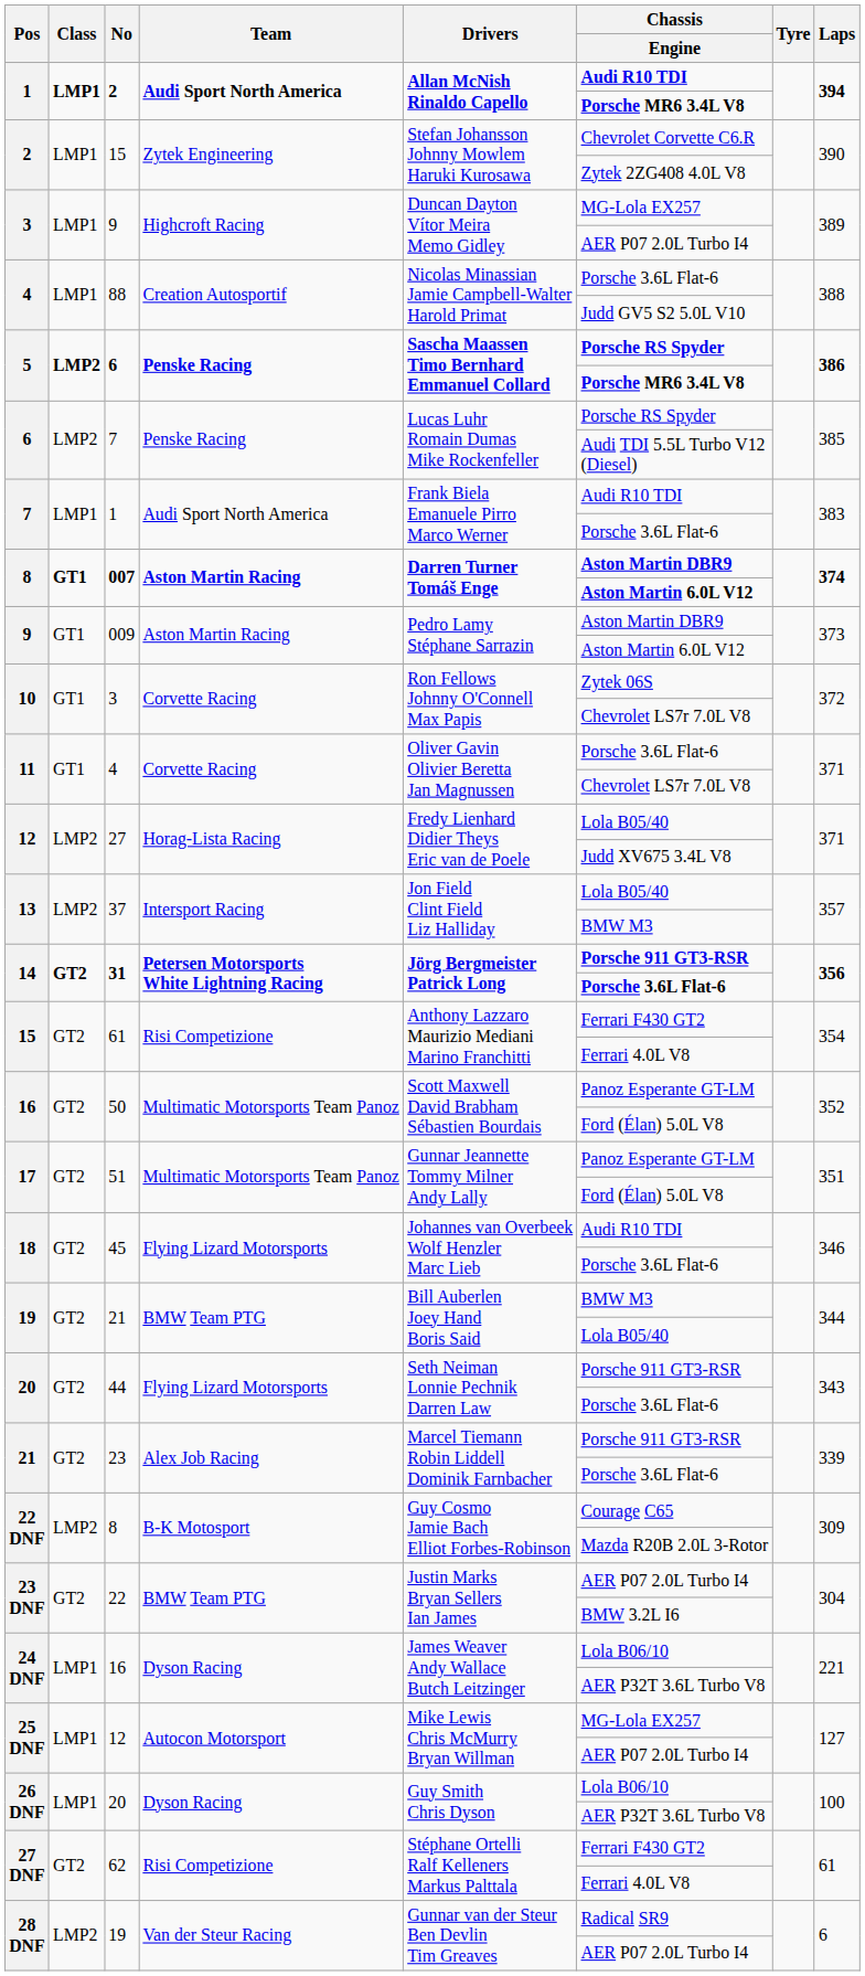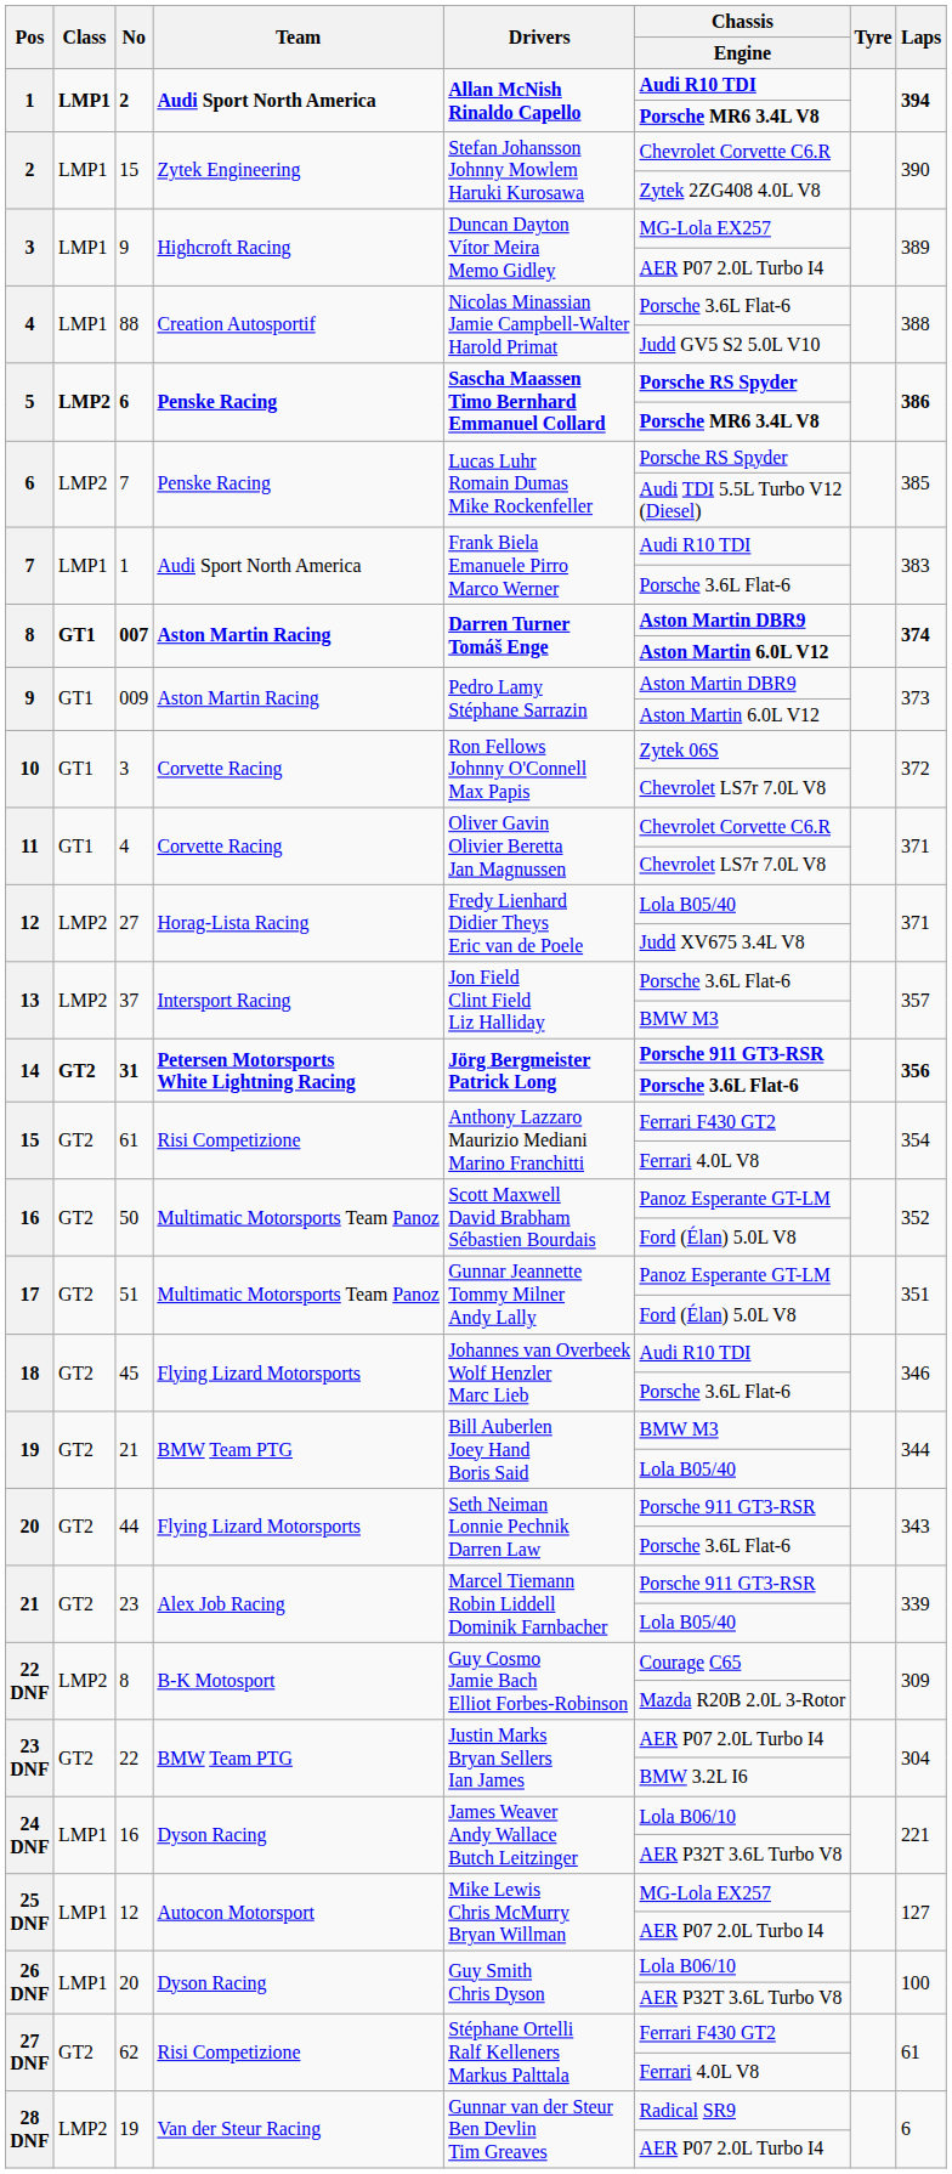 <table class="wikitable" style="font-size: 95%;">
 <tr>
 <th rowspan=2>Pos</th>
 <th rowspan=2>Class</th>
 <th rowspan=2>No</th>
 <th rowspan=2>Team</th>
 <th rowspan=2>Drivers</th>
 <th>Chassis</th>
 <th rowspan=2>Tyre</th>
 <th rowspan=2>Laps</th>
 </tr>
 <tr>
 <th>Engine</th>
 </tr>
 <tr style="font-weight:bold">
 <th rowspan=2>1</th>
 <td rowspan=2>LMP1</td>
 <td rowspan=2>2</td>
 <td rowspan=2> <a href='#'>Audi</a> Sport North America</td>
 <td rowspan=2> <a href='#'>Allan McNish</a><br> <a href='#'>Rinaldo Capello</a></td>
 <td><a href='#'>Audi R10 TDI</a></td>
 <td rowspan=2></td>
 <td rowspan=2>394</td>
 </tr>
 <tr style="font-weight:bold">
 <td><a href='#'>Porsche</a> MR6 3.4L V8</td>
 </tr>
 <tr>
 <th rowspan=2>2</th>
 <td rowspan=2>LMP1</td>
 <td rowspan=2>15</td>
 <td rowspan=2> <a href='#'>Zytek Engineering</a></td>
 <td rowspan=2> <a href='#'>Stefan Johansson</a><br> <a href='#'>Johnny Mowlem</a><br> <a href='#'>Haruki Kurosawa</a></td>
 <td><a href='#'>Chevrolet Corvette C6.R</a></td>
 <td rowspan=2></td>
 <td rowspan=2>390</td>
 </tr>
 <tr>
 <td><a href='#'>Zytek</a> 2ZG408 4.0L V8</td>
 </tr>
 <tr>
 <th rowspan=2>3</th>
 <td rowspan=2>LMP1</td>
 <td rowspan=2>9</td>
 <td rowspan=2> <a href='#'>Highcroft Racing</a></td>
 <td rowspan=2> <a href='#'>Duncan Dayton</a><br> <a href='#'>Vítor Meira</a><br> <a href='#'>Memo Gidley</a></td>
 <td><a href='#'>MG-Lola EX257</a></td>
 <td rowspan=2></td>
 <td rowspan=2>389</td>
 </tr>
 <tr>
 <td><a href='#'>AER</a> P07 2.0L Turbo I4</td>
 </tr>
 <tr>
 <th rowspan=2>4</th>
 <td rowspan=2>LMP1</td>
 <td rowspan=2>88</td>
 <td rowspan=2> <a href='#'>Creation Autosportif</a></td>
 <td rowspan=2> <a href='#'>Nicolas Minassian</a><br> <a href='#'>Jamie Campbell-Walter</a><br> <a href='#'>Harold Primat</a></td>
 <td><a href='#'>Porsche</a> 3.6L Flat-6</td>
 <td rowspan=2></td>
 <td rowspan=2>388</td>
 </tr>
 <tr>
 <td><a href='#'>Judd</a> GV5 S2 5.0L V10</td>
 </tr>
 <tr style="font-weight:bold">
 <th rowspan=2>5</th>
 <td rowspan=2>LMP2</td>
 <td rowspan=2>6</td>
 <td rowspan=2> <a href='#'>Penske Racing</a></td>
 <td rowspan=2> <a href='#'>Sascha Maassen</a><br> <a href='#'>Timo Bernhard</a><br> <a href='#'>Emmanuel Collard</a></td>
 <td><a href='#'>Porsche RS Spyder</a></td>
 <td rowspan=2></td>
 <td rowspan=2>386</td>
 </tr>
 <tr style="font-weight:bold">
 <td><a href='#'>Porsche</a> MR6 3.4L V8</td>
 </tr>
 <tr>
 <th rowspan=2>6</th>
 <td rowspan=2>LMP2</td>
 <td rowspan=2>7</td>
 <td rowspan=2> <a href='#'>Penske Racing</a></td>
 <td rowspan=2> <a href='#'>Lucas Luhr</a><br> <a href='#'>Romain Dumas</a><br> <a href='#'>Mike Rockenfeller</a></td>
 <td><a href='#'>Porsche RS Spyder</a></td>
 <td rowspan=2></td>
 <td rowspan=2>385</td>
 </tr>
 <tr>
 <td><a href='#'>Audi</a> <a href='#'>TDI</a> 5.5L Turbo V12<br>(<a href='#'>Diesel</a>)</td>
 </tr>
 <tr>
 <th rowspan=2>7</th>
 <td rowspan=2>LMP1</td>
 <td rowspan=2>1</td>
 <td rowspan=2> <a href='#'>Audi</a> Sport North America</td>
 <td rowspan=2> <a href='#'>Frank Biela</a><br> <a href='#'>Emanuele Pirro</a><br> <a href='#'>Marco Werner</a></td>
 <td><a href='#'>Audi R10 TDI</a></td>
 <td rowspan=2></td>
 <td rowspan=2>383</td>
 </tr>
 <tr>
 <td><a href='#'>Porsche</a> 3.6L Flat-6</td>
 </tr>
 <tr style="font-weight:bold">
 <th rowspan=2>8</th>
 <td rowspan=2>GT1</td>
 <td rowspan=2>007</td>
 <td rowspan=2> <a href='#'>Aston Martin Racing</a></td>
 <td rowspan=2> <a href='#'>Darren Turner</a><br> <a href='#'>Tomáš Enge</a></td>
 <td><a href='#'>Aston Martin DBR9</a></td>
 <td rowspan=2></td>
 <td rowspan=2>374</td>
 </tr>
 <tr style="font-weight:bold">
 <td><a href='#'>Aston Martin</a> 6.0L V12</td>
 </tr>
 <tr>
 <th rowspan=2>9</th>
 <td rowspan=2>GT1</td>
 <td rowspan=2>009</td>
 <td rowspan=2> <a href='#'>Aston Martin Racing</a></td>
 <td rowspan=2> <a href='#'>Pedro Lamy</a><br> <a href='#'>Stéphane Sarrazin</a></td>
 <td><a href='#'>Aston Martin DBR9</a></td>
 <td rowspan=2></td>
 <td rowspan=2>373</td>
 </tr>
 <tr>
 <td><a href='#'>Aston Martin</a> 6.0L V12</td>
 </tr>
 <tr>
 <th rowspan=2>10</th>
 <td rowspan=2>GT1</td>
 <td rowspan=2>3</td>
 <td rowspan=2> <a href='#'>Corvette Racing</a></td>
 <td rowspan=2> <a href='#'>Ron Fellows</a><br> <a href='#'>Johnny O'Connell</a><br> <a href='#'>Max Papis</a></td>
 <td><a href='#'>Zytek 06S</a></td>
 <td rowspan=2></td>
 <td rowspan=2>372</td>
 </tr>
 <tr>
 <td><a href='#'>Chevrolet</a> LS7r 7.0L V8</td>
 </tr>
 <tr>
 <th rowspan=2>11</th>
 <td rowspan=2>GT1</td>
 <td rowspan=2>4</td>
 <td rowspan=2> <a href='#'>Corvette Racing</a></td>
 <td rowspan=2> <a href='#'>Oliver Gavin</a><br> <a href='#'>Olivier Beretta</a><br> <a href='#'>Jan Magnussen</a></td>
-<td><a href='#'>Porsche</a> 3.6L Flat-6</td>
+<td><a href='#'>Chevrolet Corvette C6.R</a></td>
 <td rowspan=2></td>
 <td rowspan=2>371</td>
 </tr>
 <tr>
 <td><a href='#'>Chevrolet</a> LS7r 7.0L V8</td>
 </tr>
 <tr>
 <th rowspan=2>12</th>
 <td rowspan=2>LMP2</td>
 <td rowspan=2>27</td>
 <td rowspan=2> <a href='#'>Horag-Lista Racing</a></td>
 <td rowspan=2> <a href='#'>Fredy Lienhard</a><br> <a href='#'>Didier Theys</a><br> <a href='#'>Eric van de Poele</a></td>
 <td><a href='#'>Lola B05/40</a></td>
 <td rowspan=2></td>
 <td rowspan=2>371</td>
 </tr>
 <tr>
 <td><a href='#'>Judd</a> XV675 3.4L V8</td>
 </tr>
 <tr>
 <th rowspan=2>13</th>
 <td rowspan=2>LMP2</td>
 <td rowspan=2>37</td>
 <td rowspan=2> <a href='#'>Intersport Racing</a></td>
 <td rowspan=2> <a href='#'>Jon Field</a><br> <a href='#'>Clint Field</a><br> <a href='#'>Liz Halliday</a></td>
-<td><a href='#'>Lola B05/40</a></td>
+<td><a href='#'>Porsche</a> 3.6L Flat-6</td>
 <td rowspan=2></td>
 <td rowspan=2>357</td>
 </tr>
 <tr>
 <td><a href='#'>BMW M3</a></td>
 </tr>
 <tr style="font-weight:bold">
 <th rowspan=2>14</th>
 <td rowspan=2>GT2</td>
 <td rowspan=2>31</td>
 <td rowspan=2> <a href='#'>Petersen Motorsports</a><br> <a href='#'>White Lightning Racing</a></td>
 <td rowspan=2> <a href='#'>Jörg Bergmeister</a><br> <a href='#'>Patrick Long</a></td>
 <td><a href='#'>Porsche 911 GT3-RSR</a></td>
 <td rowspan=2></td>
 <td rowspan=2>356</td>
 </tr>
 <tr style="font-weight:bold">
 <td><a href='#'>Porsche</a> 3.6L Flat-6</td>
 </tr>
 <tr>
 <th rowspan=2>15</th>
 <td rowspan=2>GT2</td>
 <td rowspan=2>61</td>
 <td rowspan=2> <a href='#'>Risi Competizione</a></td>
 <td rowspan=2> <a href='#'>Anthony Lazzaro</a><br> Maurizio Mediani<br> <a href='#'>Marino Franchitti</a></td>
 <td><a href='#'>Ferrari F430 GT2</a></td>
 <td rowspan=2></td>
 <td rowspan=2>354</td>
 </tr>
 <tr>
 <td><a href='#'>Ferrari</a> 4.0L V8</td>
 </tr>
 <tr>
 <th rowspan=2>16</th>
 <td rowspan=2>GT2</td>
 <td rowspan=2>50</td>
 <td rowspan=2> <a href='#'>Multimatic Motorsports</a> Team <a href='#'>Panoz</a></td>
 <td rowspan=2> <a href='#'>Scott Maxwell</a><br> <a href='#'>David Brabham</a><br> <a href='#'>Sébastien Bourdais</a></td>
 <td><a href='#'>Panoz Esperante GT-LM</a></td>
 <td rowspan=2></td>
 <td rowspan=2>352</td>
 </tr>
 <tr>
 <td><a href='#'>Ford</a> (<a href='#'>Élan</a>) 5.0L V8</td>
 </tr>
 <tr>
 <th rowspan=2>17</th>
 <td rowspan=2>GT2</td>
 <td rowspan=2>51</td>
 <td rowspan=2> <a href='#'>Multimatic Motorsports</a> Team <a href='#'>Panoz</a></td>
 <td rowspan=2> <a href='#'>Gunnar Jeannette</a><br> <a href='#'>Tommy Milner</a><br> <a href='#'>Andy Lally</a></td>
 <td><a href='#'>Panoz Esperante GT-LM</a></td>
 <td rowspan=2></td>
 <td rowspan=2>351</td>
 </tr>
 <tr>
 <td><a href='#'>Ford</a> (<a href='#'>Élan</a>) 5.0L V8</td>
 </tr>
 <tr>
 <th rowspan=2>18</th>
 <td rowspan=2>GT2</td>
 <td rowspan=2>45</td>
 <td rowspan=2> <a href='#'>Flying Lizard Motorsports</a></td>
 <td rowspan=2> <a href='#'>Johannes van Overbeek</a><br> <a href='#'>Wolf Henzler</a><br> <a href='#'>Marc Lieb</a></td>
 <td><a href='#'>Audi R10 TDI</a></td>
 <td rowspan=2></td>
 <td rowspan=2>346</td>
 </tr>
 <tr>
 <td><a href='#'>Porsche</a> 3.6L Flat-6</td>
 </tr>
 <tr>
 <th rowspan=2>19</th>
 <td rowspan=2>GT2</td>
 <td rowspan=2>21</td>
 <td rowspan=2> <a href='#'>BMW</a> <a href='#'>Team PTG</a></td>
 <td rowspan=2> <a href='#'>Bill Auberlen</a><br> <a href='#'>Joey Hand</a><br> <a href='#'>Boris Said</a></td>
 <td><a href='#'>BMW M3</a></td>
 <td rowspan=2></td>
 <td rowspan=2>344</td>
 </tr>
 <tr>
 <td><a href='#'>Lola B05/40</a></td>
 </tr>
 <tr>
 <th rowspan=2>20</th>
 <td rowspan=2>GT2</td>
 <td rowspan=2>44</td>
 <td rowspan=2> <a href='#'>Flying Lizard Motorsports</a></td>
 <td rowspan=2> <a href='#'>Seth Neiman</a><br> <a href='#'>Lonnie Pechnik</a><br> <a href='#'>Darren Law</a></td>
 <td><a href='#'>Porsche 911 GT3-RSR</a></td>
 <td rowspan=2></td>
 <td rowspan=2>343</td>
 </tr>
 <tr>
 <td><a href='#'>Porsche</a> 3.6L Flat-6</td>
 </tr>
 <tr>
 <th rowspan=2>21</th>
 <td rowspan=2>GT2</td>
 <td rowspan=2>23</td>
 <td rowspan=2> <a href='#'>Alex Job Racing</a></td>
 <td rowspan=2> <a href='#'>Marcel Tiemann</a><br> <a href='#'>Robin Liddell</a><br> <a href='#'>Dominik Farnbacher</a></td>
 <td><a href='#'>Porsche 911 GT3-RSR</a></td>
 <td rowspan=2></td>
 <td rowspan=2>339</td>
 </tr>
 <tr>
-<td><a href='#'>Porsche</a> 3.6L Flat-6</td>
+<td><a href='#'>Lola B05/40</a></td>
 </tr>
 <tr>
 <th rowspan=2>22<br>DNF</th>
 <td rowspan=2>LMP2</td>
 <td rowspan=2>8</td>
 <td rowspan=2> <a href='#'>B-K Motosport</a></td>
 <td rowspan=2> <a href='#'>Guy Cosmo</a><br> <a href='#'>Jamie Bach</a><br> <a href='#'>Elliot Forbes-Robinson</a></td>
 <td><a href='#'>Courage</a> <a href='#'>C65</a></td>
 <td rowspan=2></td>
 <td rowspan=2>309</td>
 </tr>
 <tr>
 <td><a href='#'>Mazda</a> R20B 2.0L 3-Rotor</td>
 </tr>
 <tr>
 <th rowspan=2>23<br>DNF</th>
 <td rowspan=2>GT2</td>
 <td rowspan=2>22</td>
 <td rowspan=2> <a href='#'>BMW</a> <a href='#'>Team PTG</a></td>
 <td rowspan=2> <a href='#'>Justin Marks</a><br> <a href='#'>Bryan Sellers</a><br> <a href='#'>Ian James</a></td>
 <td><a href='#'>AER</a> P07 2.0L Turbo I4</td>
 <td rowspan=2></td>
 <td rowspan=2>304</td>
 </tr>
 <tr>
 <td><a href='#'>BMW</a> 3.2L I6</td>
 </tr>
 <tr>
 <th rowspan=2>24<br>DNF</th>
 <td rowspan=2>LMP1</td>
 <td rowspan=2>16</td>
 <td rowspan=2> <a href='#'>Dyson Racing</a></td>
 <td rowspan=2> <a href='#'>James Weaver</a><br> <a href='#'>Andy Wallace</a><br> <a href='#'>Butch Leitzinger</a></td>
 <td><a href='#'>Lola B06/10</a></td>
 <td rowspan=2></td>
 <td rowspan=2>221</td>
 </tr>
 <tr>
 <td><a href='#'>AER</a> P32T 3.6L Turbo V8</td>
 </tr>
 <tr>
 <th rowspan=2>25<br>DNF</th>
 <td rowspan=2>LMP1</td>
 <td rowspan=2>12</td>
 <td rowspan=2> <a href='#'>Autocon Motorsport</a></td>
 <td rowspan=2> <a href='#'>Mike Lewis</a><br> <a href='#'>Chris McMurry</a><br> <a href='#'>Bryan Willman</a></td>
 <td><a href='#'>MG-Lola EX257</a></td>
 <td rowspan=2></td>
 <td rowspan=2>127</td>
 </tr>
 <tr>
 <td><a href='#'>AER</a> P07 2.0L Turbo I4</td>
 </tr>
 <tr>
 <th rowspan=2>26<br>DNF</th>
 <td rowspan=2>LMP1</td>
 <td rowspan=2>20</td>
 <td rowspan=2> <a href='#'>Dyson Racing</a></td>
 <td rowspan=2> <a href='#'>Guy Smith</a><br> <a href='#'>Chris Dyson</a></td>
 <td><a href='#'>Lola B06/10</a></td>
 <td rowspan=2></td>
 <td rowspan=2>100</td>
 </tr>
 <tr>
 <td><a href='#'>AER</a> P32T 3.6L Turbo V8</td>
 </tr>
 <tr>
 <th rowspan=2>27<br>DNF</th>
 <td rowspan=2>GT2</td>
 <td rowspan=2>62</td>
 <td rowspan=2> <a href='#'>Risi Competizione</a></td>
 <td rowspan=2> <a href='#'>Stéphane Ortelli</a><br> <a href='#'>Ralf Kelleners</a><br> <a href='#'>Markus Palttala</a></td>
 <td><a href='#'>Ferrari F430 GT2</a></td>
 <td rowspan=2></td>
 <td rowspan=2>61</td>
 </tr>
 <tr>
 <td><a href='#'>Ferrari</a> 4.0L V8</td>
 </tr>
 <tr>
 <th rowspan=2>28<br>DNF</th>
 <td rowspan=2>LMP2</td>
 <td rowspan=2>19</td>
 <td rowspan=2> <a href='#'>Van der Steur Racing</a></td>
 <td rowspan=2> <a href='#'>Gunnar van der Steur</a><br> <a href='#'>Ben Devlin</a><br> <a href='#'>Tim Greaves</a></td>
 <td><a href='#'>Radical</a> <a href='#'>SR9</a></td>
 <td rowspan=2></td>
 <td rowspan=2>6</td>
 </tr>
 <tr>
 <td><a href='#'>AER</a> P07 2.0L Turbo I4</td>
 </tr>
 </table>
